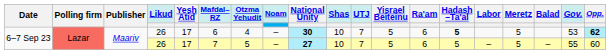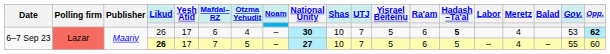 <table class="wikitable sortable" style=text-align:center;font-size:90%;line-height:12px>
 <tr>
 <th rowspan=2>Date</th>
 <th rowspan=2>Polling firm</th>
 <th rowspan=2>Publisher</th>
 <th style=background:#cee><a href='#'>Likud</a></th>
 <th><a href='#'>Yesh<br>Atid</a></th>
 <th style=background:#cee;font-size:90%><a href='#'>Mafdal–<br>RZ</a></th>
 <th style=background:#cee;font-size:90%><a href='#'>Otzma<br>Yehudit</a></th>
 <th style=background:#cee;font-size:90%><a href='#'>Noam</a></th>
 <th><a href='#'>National<br>Unity</a></th>
 <th style=background:#cee><a href='#'>Shas</a></th>
 <th style=background:#cee><a href='#'>UTJ</a></th>
 <th><a href='#'>Yisrael<br>Beiteinu</a></th>
 <th><a href='#'>Ra'am</a></th>
 <th><a href='#'>Hadash<br>–Ta'al</a></th>
 <th><a href='#'>Labor</a></th>
 <th><a href='#'>Meretz</a></th>
 <th><a href='#'>Balad</a></th>
 <th style=background:#cee><a href='#'><em>Gov.</em></a></th>
 <th style=font-size:90%><a href='#'><em>Opp.</em></a></th>
 </tr>
 <tr>
 <th style=background:></th>
 <th style=background:></th>
 <th style=background:></th>
 <th style=background:></th>
 <th style=background:#01AFF0></th>
 <th style=background:></th>
 <th style=background:></th>
 <th style=background:></th>
 <th style=background:></th>
 <th style=background:></th>
 <th style=background:></th>
 <th style=background:></th>
 <th style=background:></th>
 <th style=background:></th>
 <th style=background:></th>
 <th style=background:></th>
 </tr>
 <tr>
 <td rowspan=2 data-sort-value=2023-09-07>6–7 Sep 23</td>
 <td rowspan=2 style=background:#F86B61>Lazar</td>
 <td rowspan=2><em><a href='#'>Maariv</a></em></td>
 <td>26					</td>
 <td>17					</td>
 <td>6					</td>
 <td>4					</td>
 <td>–					</td>
 <td style=background:#B2EDFB><strong>30</strong>	</td>
 <td>10					</td>
 <td>7					</td>
 <td>5					</td>
 <td>6					</td>
 <td><strong>5					</strong></td>
 <td>	</td>
-<td>5					</td>
+<td>4					</td>
 <td>	</td>
 <td>53					</td>
 <td style=background:#B2EDFB><strong>62</strong>	</td>
 </tr>
 <tr style=background:#fffdb0>
-<td>26					</td>
+<td><strong>26					</strong></td>
 <td>17					</td>
 <td>7					</td>
 <td>5					</td>
 <td>–					</td>
 <td style=background:#B2EDFB><strong>27</strong>	</td>
 <td>10					</td>
 <td>7					</td>
 <td>5					</td>
 <td>6					</td>
 <td>5					</td>
 <td>–					</td>
-<td>5					</td>
+<td>4					</td>
 <td>–					</td>
 <td>55					</td>
 <td>60					</td>
 </tr>
 </table>
